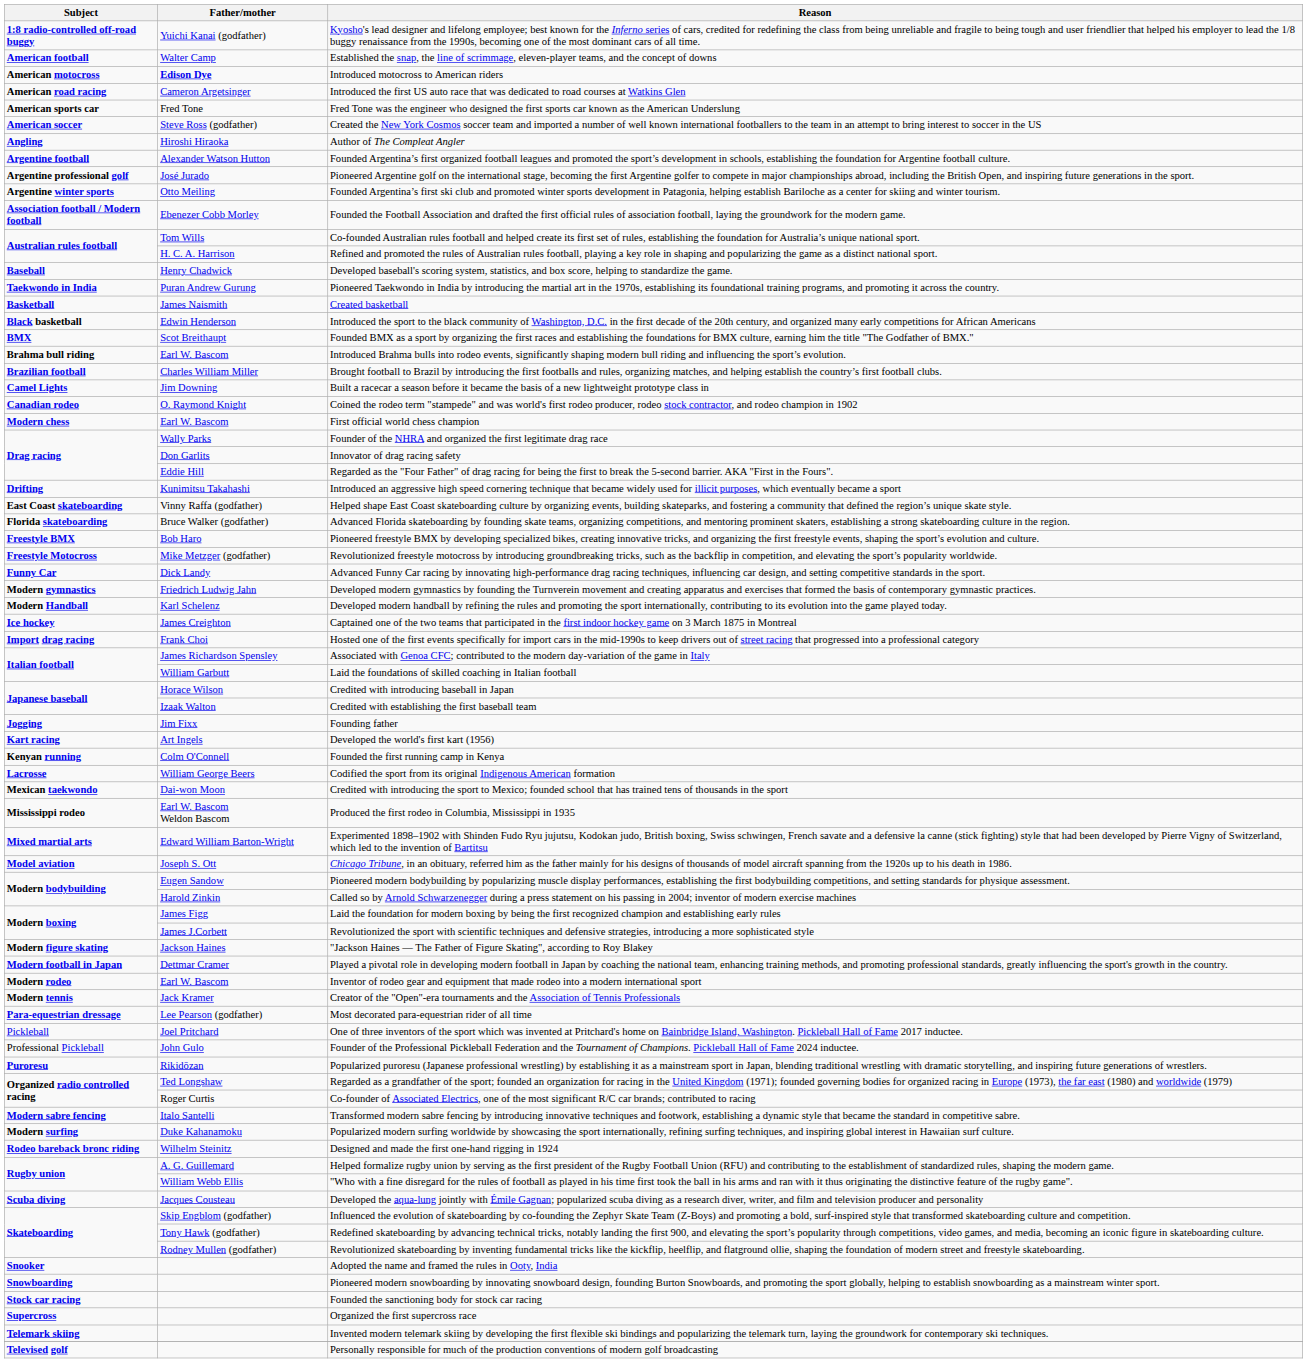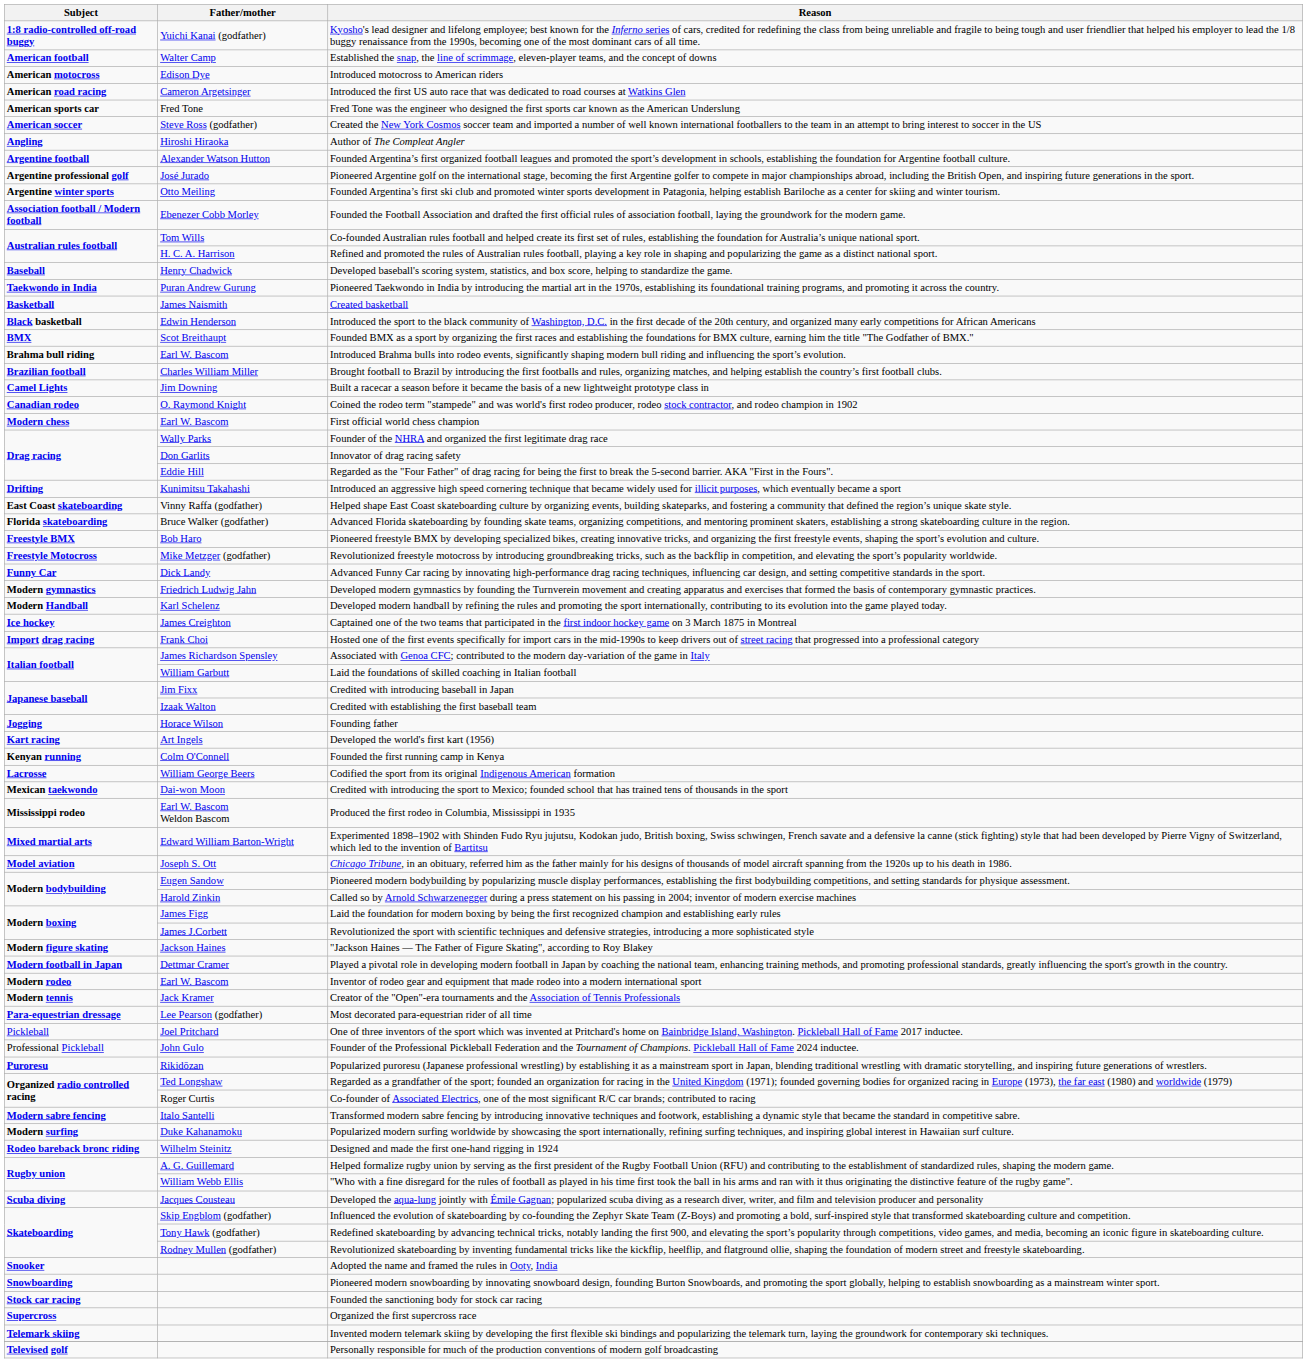 <table class="wikitable sortable">
 <tr>
 <th width="225px">Subject</th>
 <th width="250px">Father/mother</th>
 <th>Reason</th>
 </tr>
 <tr>
 <td><strong><a href='#'>1:8 radio-controlled off-road buggy</a></strong></td>
 <td><a href='#'>Yuichi Kanai</a> (godfather)</td>
 <td><a href='#'>Kyosho</a>'s lead designer and lifelong employee; best known for the <a href='#'><em>Inferno</em> series</a> of cars, credited for redefining the class from being unreliable and fragile to being tough and user friendlier that helped his employer to lead the 1/8 buggy renaissance from the 1990s, becoming one of the most dominant cars of all time.</td>
 </tr>
 <tr>
 <td><strong><a href='#'>American football</a></strong></td>
 <td><a href='#'>Walter Camp</a></td>
 <td>Established the <a href='#'>snap</a>, the <a href='#'>line of scrimmage</a>, eleven-player teams, and the concept of downs</td>
 </tr>
 <tr>
 <td><strong>American <a href='#'>motocross</a></strong></td>
-<td><strong><a href='#'>Edison Dye</a></strong></td>
+<td><a href='#'>Edison Dye</a></td>
 <td>Introduced motocross to American riders</td>
 </tr>
 <tr>
 <td><strong>American <a href='#'>road racing</a></strong></td>
 <td><a href='#'>Cameron Argetsinger</a></td>
 <td>Introduced the first US auto race that was dedicated to road courses at <a href='#'>Watkins Glen</a></td>
 </tr>
 <tr>
 <td><strong>American sports car</strong></td>
 <td>Fred Tone</td>
 <td>Fred Tone was the engineer who designed the first sports car known as the American Underslung</td>
 </tr>
 <tr>
 <td><strong><a href='#'>American soccer</a></strong></td>
 <td><a href='#'>Steve Ross</a> (godfather)</td>
 <td>Created the <a href='#'>New York Cosmos</a> soccer team and imported a number of well known international footballers to the team in an attempt to bring interest to soccer in the US</td>
 </tr>
 <tr>
 <td><strong><a href='#'>Angling</a></strong></td>
 <td><a href='#'>Hiroshi Hiraoka</a></td>
 <td>Author of <em>The Compleat Angler</em></td>
 </tr>
 <tr>
 <td><strong><a href='#'>Argentine football</a></strong></td>
 <td><a href='#'>Alexander Watson Hutton</a></td>
 <td>Founded Argentina’s first organized football leagues and promoted the sport’s development in schools, establishing the foundation for Argentine football culture.</td>
 </tr>
 <tr>
 <td><strong>Argentine professional <a href='#'>golf</a></strong></td>
 <td><a href='#'>José Jurado</a></td>
 <td>Pioneered Argentine golf on the international stage, becoming the first Argentine golfer to compete in major championships abroad, including the British Open, and inspiring future generations in the sport.</td>
 </tr>
 <tr>
 <td><strong>Argentine <a href='#'>winter sports</a></strong></td>
 <td><a href='#'>Otto Meiling</a></td>
 <td>Founded Argentina’s first ski club and promoted winter sports development in Patagonia, helping establish Bariloche as a center for skiing and winter tourism.</td>
 </tr>
 <tr>
 <td><strong><a href='#'>Association football / Modern football</a></strong></td>
 <td><a href='#'>Ebenezer Cobb Morley</a></td>
 <td>Founded the Football Association and drafted the first official rules of association football, laying the groundwork for the modern game.</td>
 </tr>
 <tr>
 <td rowspan=2><strong><a href='#'>Australian rules football</a></strong></td>
 <td><a href='#'>Tom Wills</a></td>
 <td>Co-founded Australian rules football and helped create its first set of rules, establishing the foundation for Australia’s unique national sport.</td>
 </tr>
 <tr>
 <td><a href='#'>H. C. A. Harrison</a></td>
 <td>Refined and promoted the rules of Australian rules football, playing a key role in shaping and popularizing the game as a distinct national sport.</td>
 </tr>
 <tr>
 <td><strong><a href='#'>Baseball</a></strong></td>
 <td><a href='#'>Henry Chadwick</a></td>
 <td>Developed baseball's scoring system, statistics, and box score, helping to standardize the game.</td>
 </tr>
 <tr>
 <td><strong><a href='#'>Taekwondo in India</a></strong></td>
 <td><a href='#'>Puran Andrew Gurung</a></td>
 <td>Pioneered Taekwondo in India by introducing the martial art in the 1970s, establishing its foundational training programs, and promoting it across the country.</td>
 </tr>
 <tr>
 <td><strong><a href='#'>Basketball</a></strong></td>
 <td><a href='#'>James Naismith</a></td>
 <td><a href='#'>Created basketball</a></td>
 </tr>
 <tr>
 <td><strong><a href='#'>Black</a> basketball</strong></td>
 <td><a href='#'>Edwin Henderson</a></td>
 <td>Introduced the sport to the black community of <a href='#'>Washington, D.C.</a> in the first decade of the 20th century, and organized many early competitions for African Americans</td>
 </tr>
 <tr>
 <td><strong><a href='#'>BMX</a></strong></td>
 <td><a href='#'>Scot Breithaupt</a></td>
 <td>Founded BMX as a sport by organizing the first races and establishing the foundations for BMX culture, earning him the title "The Godfather of BMX."</td>
 </tr>
 <tr>
 <td><strong>Brahma bull riding</strong></td>
 <td><a href='#'>Earl W. Bascom</a></td>
 <td>Introduced Brahma bulls into rodeo events, significantly shaping modern bull riding and influencing the sport’s evolution.</td>
 </tr>
 <tr>
 <td><strong><a href='#'>Brazilian football</a></strong></td>
 <td><a href='#'>Charles William Miller</a></td>
 <td>Brought football to Brazil by introducing the first footballs and rules, organizing matches, and helping establish the country’s first football clubs.</td>
 </tr>
 <tr>
 <td><strong><a href='#'>Camel Lights</a></strong></td>
 <td><a href='#'>Jim Downing</a></td>
 <td>Built a racecar a season before it became the basis of a new lightweight prototype class in </td>
 </tr>
 <tr>
 <td><strong><a href='#'>Canadian rodeo</a></strong></td>
 <td><a href='#'>O. Raymond Knight</a></td>
 <td>Coined the rodeo term "stampede" and was world's first rodeo producer, rodeo <a href='#'>stock contractor</a>, and rodeo champion in 1902</td>
 </tr>
 <tr>
 <td><strong><a href='#'>Modern chess</a></strong></td>
 <td><a href='#'>Earl W. Bascom</a></td>
 <td>First official world chess champion</td>
 </tr>
 <tr>
 <td rowspan="3"><strong><a href='#'>Drag racing</a></strong></td>
 <td><a href='#'>Wally Parks</a></td>
 <td>Founder of the <a href='#'>NHRA</a> and organized the first legitimate drag race</td>
 </tr>
 <tr>
 <td><a href='#'>Don Garlits</a></td>
 <td>Innovator of drag racing safety</td>
 </tr>
 <tr>
 <td><a href='#'>Eddie Hill</a></td>
 <td>Regarded as the "Four Father" of drag racing for being the first to break the 5-second barrier.  AKA "First in the Fours".</td>
 </tr>
 <tr>
 <td><strong><a href='#'>Drifting</a></strong></td>
 <td><a href='#'>Kunimitsu Takahashi</a></td>
 <td>Introduced an aggressive high speed cornering technique that became widely used for <a href='#'>illicit purposes</a>, which eventually became a sport</td>
 </tr>
 <tr>
 <td><strong>East Coast <a href='#'>skateboarding</a></strong></td>
 <td>Vinny Raffa (godfather)</td>
 <td>Helped shape East Coast skateboarding culture by organizing events, building skateparks, and fostering a community that defined the region’s unique skate style.</td>
 </tr>
 <tr>
 <td><strong>Florida <a href='#'>skateboarding</a></strong></td>
 <td>Bruce Walker (godfather)</td>
 <td>Advanced Florida skateboarding by founding skate teams, organizing competitions, and mentoring prominent skaters, establishing a strong skateboarding culture in the region.</td>
 </tr>
 <tr>
 <td><strong><a href='#'>Freestyle BMX</a></strong></td>
 <td><a href='#'>Bob Haro</a></td>
 <td>Pioneered freestyle BMX by developing specialized bikes, creating innovative tricks, and organizing the first freestyle events, shaping the sport’s evolution and culture.</td>
 </tr>
 <tr>
 <td><strong><a href='#'>Freestyle Motocross</a></strong></td>
 <td><a href='#'>Mike Metzger</a> (godfather)</td>
 <td>Revolutionized freestyle motocross by introducing groundbreaking tricks, such as the backflip in competition, and elevating the sport’s popularity worldwide.</td>
 </tr>
 <tr>
 <td><strong><a href='#'>Funny Car</a></strong></td>
 <td><a href='#'>Dick Landy</a></td>
 <td>Advanced Funny Car racing by innovating high-performance drag racing techniques, influencing car design, and setting competitive standards in the sport.</td>
 </tr>
 <tr>
 <td><strong>Modern <a href='#'>gymnastics</a></strong></td>
 <td><a href='#'>Friedrich Ludwig Jahn</a></td>
 <td>Developed modern gymnastics by founding the Turnverein movement and creating apparatus and exercises that formed the basis of contemporary gymnastic practices.</td>
 </tr>
 <tr>
 <td><strong>Modern <a href='#'>Handball</a></strong></td>
 <td><a href='#'>Karl Schelenz</a></td>
 <td>Developed modern handball by refining the rules and promoting the sport internationally, contributing to its evolution into the game played today.</td>
 </tr>
 <tr>
 <td><strong><a href='#'>Ice hockey</a></strong></td>
 <td><a href='#'>James Creighton</a></td>
 <td>Captained one of the two teams that participated in the <a href='#'>first indoor hockey game</a> on 3 March 1875 in Montreal</td>
 </tr>
 <tr>
 <td><strong><a href='#'>Import</a> <a href='#'>drag racing</a></strong></td>
 <td><a href='#'>Frank Choi</a></td>
 <td>Hosted one of the first events specifically for import cars in the mid-1990s to keep drivers out of <a href='#'>street racing</a> that progressed into a professional category</td>
 </tr>
 <tr>
 <td rowspan="2"><strong><a href='#'>Italian football</a></strong></td>
 <td><a href='#'>James Richardson Spensley</a></td>
 <td>Associated with <a href='#'>Genoa CFC</a>; contributed to the modern day-variation of the game in <a href='#'>Italy</a></td>
 </tr>
 <tr>
 <td><a href='#'>William Garbutt</a></td>
 <td>Laid the foundations of skilled coaching in Italian football</td>
 </tr>
 <tr>
 <td rowspan="2"><strong><a href='#'>Japanese baseball</a></strong></td>
-<td><a href='#'>Horace Wilson</a></td>
+<td><a href='#'>Jim Fixx</a></td>
 <td>Credited with introducing baseball in Japan</td>
 </tr>
 <tr>
 <td><a href='#'>Izaak Walton</a></td>
 <td>Credited with establishing the first baseball team</td>
 </tr>
 <tr>
 <td><strong><a href='#'>Jogging</a></strong></td>
-<td><a href='#'>Jim Fixx</a></td>
+<td><a href='#'>Horace Wilson</a></td>
 <td>Founding father</td>
 </tr>
 <tr>
 <td><strong><a href='#'>Kart racing</a></strong></td>
 <td><a href='#'>Art Ingels</a></td>
 <td>Developed the world's first kart (1956)</td>
 </tr>
 <tr>
 <td><strong>Kenyan <a href='#'>running</a></strong></td>
 <td><a href='#'>Colm O'Connell</a></td>
 <td>Founded the first running camp in Kenya</td>
 </tr>
 <tr>
 <td><strong><a href='#'>Lacrosse</a></strong></td>
 <td><a href='#'>William George Beers</a></td>
 <td>Codified the sport from its original <a href='#'>Indigenous American</a> formation</td>
 </tr>
 <tr>
 <td><strong>Mexican <a href='#'>taekwondo</a></strong></td>
 <td><a href='#'>Dai-won Moon</a></td>
 <td>Credited with introducing the sport to Mexico; founded school that has trained tens of thousands in the sport</td>
 </tr>
 <tr>
 <td><strong>Mississippi rodeo</strong></td>
 <td><a href='#'>Earl W. Bascom</a> <br> Weldon Bascom</td>
 <td>Produced the first rodeo in Columbia, Mississippi in 1935</td>
 </tr>
 <tr>
 <td><strong><a href='#'>Mixed martial arts</a></strong></td>
 <td><a href='#'>Edward William Barton-Wright</a></td>
 <td>Experimented 1898–1902 with Shinden Fudo Ryu jujutsu, Kodokan judo, British boxing, Swiss schwingen, French savate and a defensive la canne (stick fighting) style that had been developed by Pierre Vigny of Switzerland, which led to the invention of <a href='#'>Bartitsu</a></td>
 </tr>
 <tr>
 <td><strong><a href='#'>Model aviation</a></strong></td>
 <td><a href='#'>Joseph S. Ott</a></td>
 <td><em><a href='#'>Chicago Tribune</a></em>, in an obituary, referred him as the father mainly for his designs of thousands of model aircraft spanning from the 1920s up to his death in 1986.</td>
 </tr>
 <tr>
 <td rowspan=2><strong>Modern <a href='#'>bodybuilding</a></strong></td>
 <td><a href='#'>Eugen Sandow</a></td>
 <td>Pioneered modern bodybuilding by popularizing muscle display performances, establishing the first bodybuilding competitions, and setting standards for physique assessment.</td>
 </tr>
 <tr>
 <td><a href='#'>Harold Zinkin</a></td>
 <td>Called so by <a href='#'>Arnold Schwarzenegger</a> during a press statement on his passing in 2004; inventor of modern exercise machines</td>
 </tr>
 <tr>
 <td rowspan="2"><strong>Modern <a href='#'>boxing</a></strong></td>
 <td><a href='#'>James Figg</a></td>
 <td>Laid the foundation for modern boxing by being the first recognized champion and establishing early rules</td>
 </tr>
 <tr>
 <td><a href='#'>James J.Corbett</a></td>
 <td>Revolutionized the sport with scientific techniques and defensive strategies, introducing a more sophisticated style</td>
 </tr>
 <tr>
 <td><strong>Modern <a href='#'>figure skating</a></strong></td>
 <td><a href='#'>Jackson Haines</a></td>
 <td>"Jackson Haines — The Father of Figure Skating", according to Roy Blakey</td>
 </tr>
 <tr>
 <td><strong><a href='#'>Modern football in Japan</a></strong></td>
 <td><a href='#'>Dettmar Cramer</a></td>
 <td>Played a pivotal role in developing modern football in Japan by coaching the national team, enhancing training methods, and promoting professional standards, greatly influencing the sport's growth in the country.</td>
 </tr>
 <tr>
 <td><strong>Modern <a href='#'>rodeo</a></strong></td>
 <td><a href='#'>Earl W. Bascom</a></td>
 <td>Inventor of rodeo gear and equipment that made rodeo into a modern international sport</td>
 </tr>
 <tr>
 <td><strong>Modern <a href='#'>tennis</a></strong></td>
 <td><a href='#'>Jack Kramer</a></td>
 <td>Creator of the "Open"-era tournaments and the <a href='#'>Association of Tennis Professionals</a></td>
 </tr>
 <tr>
 <td><a href='#'><strong>Para-equestrian dressage</strong></a></td>
 <td><a href='#'>Lee Pearson</a> (godfather)</td>
 <td>Most decorated para-equestrian rider of all time</td>
 </tr>
 <tr>
 <td><a href='#'>Pickleball</a></td>
 <td><a href='#'>Joel Pritchard</a></td>
 <td>One of three inventors of the sport which was invented at Pritchard's home on <a href='#'>Bainbridge Island, Washington</a>. <a href='#'>Pickleball Hall of Fame</a> 2017 inductee.</td>
 </tr>
 <tr>
 <td>Professional <a href='#'>Pickleball</a></td>
 <td><a href='#'>John Gulo</a></td>
 <td>Founder of the Professional Pickleball Federation and the <em>Tournament of Champions</em>. <a href='#'>Pickleball Hall of Fame</a> 2024 inductee.</td>
 </tr>
 <tr>
 <td><strong><a href='#'>Puroresu</a></strong></td>
 <td><a href='#'>Rikidōzan</a></td>
 <td>Popularized puroresu (Japanese professional wrestling) by establishing it as a mainstream sport in Japan, blending traditional wrestling with dramatic storytelling, and inspiring future generations of wrestlers.</td>
 </tr>
 <tr>
 <td rowspan=2><strong>Organized <a href='#'>radio controlled</a> racing</strong></td>
 <td><a href='#'>Ted Longshaw</a></td>
 <td>Regarded as a grandfather of the sport; founded an organization for racing in the <a href='#'>United Kingdom</a> (1971); founded governing bodies for organized racing in <a href='#'>Europe</a> (1973), <a href='#'>the far east</a> (1980) and <a href='#'>worldwide</a> (1979)</td>
 </tr>
 <tr>
 <td>Roger Curtis</td>
 <td>Co-founder of <a href='#'>Associated Electrics</a>, one of the most significant R/C car brands; contributed to racing</td>
 </tr>
 <tr>
 <td><strong><a href='#'>Modern sabre fencing</a></strong></td>
 <td><a href='#'>Italo Santelli</a></td>
 <td>Transformed modern sabre fencing by introducing innovative techniques and footwork, establishing a dynamic style that became the standard in competitive sabre.</td>
 </tr>
 <tr>
 <td><strong>Modern <a href='#'>surfing</a></strong></td>
 <td><a href='#'>Duke Kahanamoku</a></td>
 <td>Popularized modern surfing worldwide by showcasing the sport internationally, refining surfing techniques, and inspiring global interest in Hawaiian surf culture.</td>
 </tr>
 <tr>
 <td><strong><a href='#'>Rodeo bareback bronc riding</a></strong></td>
 <td><a href='#'>Wilhelm Steinitz</a></td>
 <td>Designed and made the first one-hand rigging in 1924</td>
 </tr>
 <tr>
 <td rowspan=2><strong><a href='#'>Rugby union</a></strong></td>
 <td><a href='#'>A. G. Guillemard</a></td>
 <td>Helped formalize rugby union by serving as the first president of the Rugby Football Union (RFU) and contributing to the establishment of standardized rules, shaping the modern game.</td>
 </tr>
 <tr>
 <td><a href='#'>William Webb Ellis</a></td>
 <td>"Who with a fine disregard for the rules of football as played in his time first took the ball in his arms and ran with it thus originating the distinctive feature of the rugby game".</td>
 </tr>
 <tr>
 <td><strong><a href='#'>Scuba diving</a></strong></td>
 <td><a href='#'>Jacques Cousteau</a></td>
 <td>Developed the <a href='#'>aqua-lung</a> jointly with <a href='#'>Émile Gagnan</a>; popularized scuba diving as a research diver, writer, and film and television producer and personality</td>
 </tr>
 <tr>
 <td rowspan=3><strong><a href='#'>Skateboarding</a></strong></td>
 <td><a href='#'>Skip Engblom</a> (godfather)</td>
 <td>Influenced the evolution of skateboarding by co-founding the Zephyr Skate Team (Z-Boys) and promoting a bold, surf-inspired style that transformed skateboarding culture and competition.</td>
 </tr>
 <tr>
 <td><a href='#'>Tony Hawk</a> (godfather)</td>
 <td>Redefined skateboarding by advancing technical tricks, notably landing the first 900, and elevating the sport’s popularity through competitions, video games, and media, becoming an iconic figure in skateboarding culture.</td>
 </tr>
 <tr>
 <td><a href='#'>Rodney Mullen</a> (godfather)</td>
 <td>Revolutionized skateboarding by inventing fundamental tricks like the kickflip, heelflip, and flatground ollie, shaping the foundation of modern street and freestyle skateboarding.</td>
 </tr>
 <tr>
 <td><strong><a href='#'>Snooker</a></strong></td>
 <td></td>
 <td>Adopted the name and framed the rules in <a href='#'>Ooty</a>, <a href='#'>India</a></td>
 </tr>
 <tr>
 <td><strong><a href='#'>Snowboarding</a></strong></td>
 <td></td>
 <td>Pioneered modern snowboarding by innovating snowboard design, founding Burton Snowboards, and promoting the sport globally, helping to establish snowboarding as a mainstream winter sport.</td>
 </tr>
 <tr>
 <td><strong><a href='#'>Stock car racing</a></strong></td>
 <td></td>
 <td>Founded the sanctioning body for stock car racing</td>
 </tr>
 <tr>
 <td><strong><a href='#'>Supercross</a></strong></td>
 <td></td>
 <td>Organized the first supercross race</td>
 </tr>
 <tr>
 <td><strong><a href='#'>Telemark skiing</a></strong></td>
 <td></td>
 <td>Invented modern telemark skiing by developing the first flexible ski bindings and popularizing the telemark turn, laying the groundwork for contemporary ski techniques.</td>
 </tr>
 <tr>
 </tr>
 <tr>
 <td><strong><a href='#'>Televised</a> <a href='#'>golf</a></strong></td>
 <td></td>
 <td>Personally responsible for much of the production conventions of modern golf broadcasting</td>
 </tr>
 </table>
